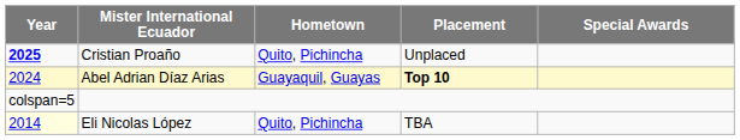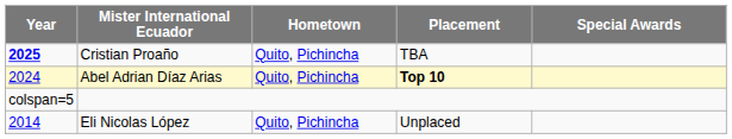 <table class="wikitable" sortable" style="font-size: 90%">
 <tr>
 <th width="40" style="background-color:#787878;color:#FFFFFF;">Year</th>
 <th width="170" style="background-color:#787878;color:#FFFFFF;">Mister International Ecuador</th>
 <th width="140" style="background-color:#787878;color:#FFFFFF;">Hometown</th>
 <th width="130" style="background-color:#787878;color:#FFFFFF;">Placement</th>
 <th width="190" style="background-color:#787878;color:#FFFFFF;">Special Awards</th>
 </tr>
 <tr>
 <td><strong><a href='#'>2025</a></strong></td>
 <td>Cristian Proaño</td>
 <td><a href='#'>Quito</a>, <a href='#'>Pichincha</a></td>
-<td>Unplaced</td>
+<td>TBA</td>
 <td></td>
 </tr>
 <tr style="background-color:#FFFACD;">
 <td><a href='#'>2024</a></td>
 <td>Abel Adrian Díaz Arias</td>
-<td><a href='#'>Guayaquil</a>, <a href='#'>Guayas</a></td>
+<td><a href='#'>Quito</a>, <a href='#'>Pichincha</a></td>
 <td><strong>Top 10</strong></td>
 <td></td>
 </tr>
 <tr>
 <td>colspan=5 </td>
 </tr>
 <tr>
-<td style="background: lightyellow;"><a href='#'>2014</a></td>
+<td><a href='#'>2014</a></td>
 <td>Eli Nicolas López</td>
 <td><a href='#'>Quito</a>, <a href='#'>Pichincha</a></td>
-<td>TBA</td>
+<td>Unplaced</td>
 <td></td>
 </tr>
 </table>
